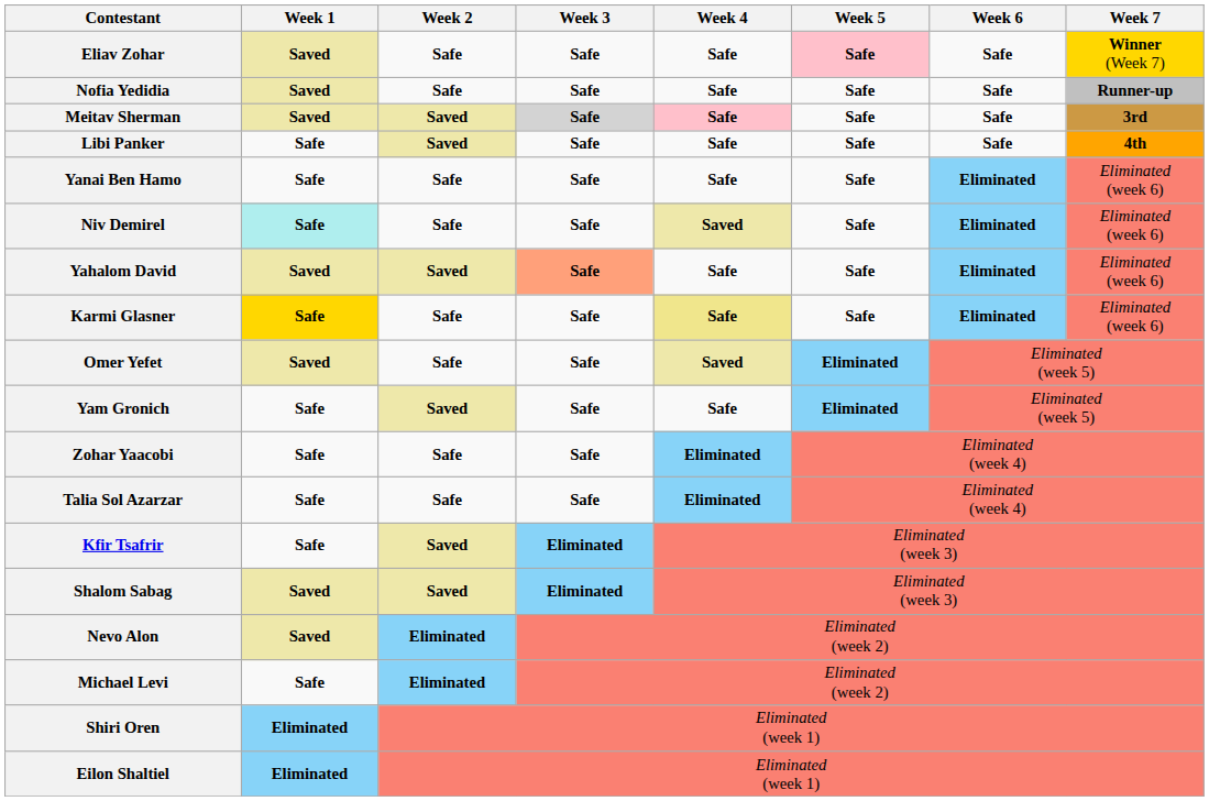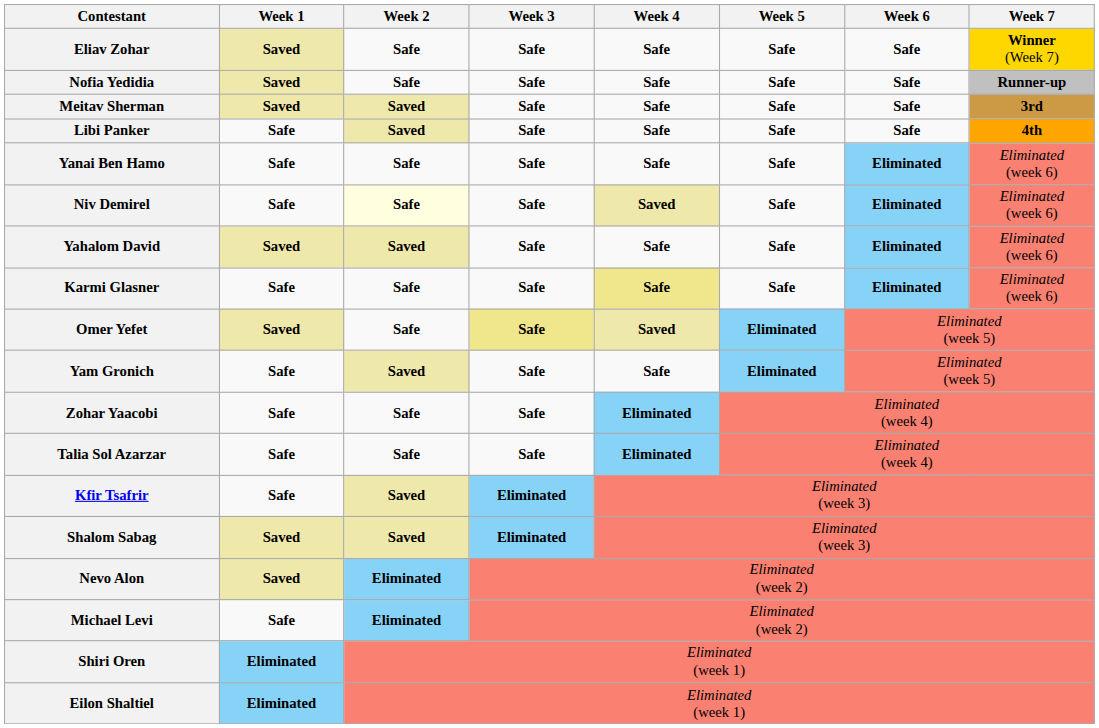 <table class="wikitable" style="text-align:center; font-size:85%">
 <tr>
 <th style="width:12%">Contestant</th>
 <th style="width:7%">Week 1</th>
 <th style="width:7%">Week 2</th>
 <th style="width:7%">Week 3</th>
 <th style="width:7%">Week 4</th>
 <th style="width:7%">Week 5</th>
 <th style="width:7%">Week 6</th>
 <th style="width:7%">Week 7</th>
 </tr>
 <tr>
 <th>Eliav Zohar</th>
 <td style = "background:#EEE8AA"><strong>Saved</strong></td>
 <td><strong>Safe</strong></td>
 <td><strong>Safe</strong></td>
 <td><strong>Safe</strong></td>
-<td style="background: pink;"><strong>Safe</strong></td>
+<td><strong>Safe</strong></td>
 <td><strong>Safe</strong></td>
 <td style="background:gold"><strong>Winner</strong><br>(Week 7)</td>
 </tr>
 <tr>
 <th>Nofia Yedidia</th>
 <td style = "background:#EEE8AA"><strong>Saved</strong></td>
 <td><strong>Safe</strong></td>
 <td><strong>Safe</strong></td>
 <td><strong>Safe</strong></td>
 <td><strong>Safe</strong></td>
 <td><strong>Safe</strong></td>
 <td style="background:silver"><strong>Runner-up</strong></td>
 </tr>
 <tr>
 <th>Meitav Sherman</th>
 <td style = "background:#EEE8AA"><strong>Saved</strong></td>
 <td style = "background:#EEE8AA"><strong>Saved</strong></td>
-<td style="background: lightgrey;"><strong>Safe</strong></td>
-<td style="background: pink;"><strong>Safe</strong></td>
+<td><strong>Safe</strong></td>
+<td><strong>Safe</strong></td>
 <td><strong>Safe</strong></td>
 <td><strong>Safe</strong></td>
 <td style="background:#c94"><strong>3rd</strong></td>
 </tr>
 <tr>
 <th>Libi Panker</th>
 <td><strong>Safe</strong></td>
 <td style = "background:#EEE8AA"><strong>Saved</strong></td>
 <td><strong>Safe</strong></td>
 <td><strong>Safe</strong></td>
 <td><strong>Safe</strong></td>
 <td><strong>Safe</strong></td>
 <td style="background:orange"><strong>4th</strong></td>
 </tr>
 <tr>
 <th>Yanai Ben Hamo</th>
 <td><strong>Safe</strong></td>
 <td><strong>Safe</strong></td>
 <td><strong>Safe</strong></td>
 <td><strong>Safe</strong></td>
 <td><strong>Safe</strong></td>
 <td style = "background:#87D3F8"><strong>Eliminated</strong></td>
 <td style = "background:#FA8072" colspan=2><em>Eliminated</em><br>(week 6)</td>
 </tr>
 <tr>
 <th>Niv Demirel</th>
-<td style="background: paleturquoise;"><strong>Safe</strong></td>
 <td><strong>Safe</strong></td>
+<td style="background: lightyellow;"><strong>Safe</strong></td>
 <td><strong>Safe</strong></td>
 <td style = "background:#EEE8AA"><strong>Saved</strong></td>
 <td><strong>Safe</strong></td>
 <td style = "background:#87D3F8"><strong>Eliminated</strong></td>
 <td style = "background:#FA8072" colspan=2><em>Eliminated</em><br>(week 6)</td>
 </tr>
 <tr>
 <th>Yahalom David</th>
 <td style = "background:#EEE8AA"><strong>Saved</strong></td>
 <td style = "background:#EEE8AA"><strong>Saved</strong></td>
-<td style="background: lightsalmon;"><strong>Safe</strong></td>
+<td><strong>Safe</strong></td>
 <td><strong>Safe</strong></td>
 <td><strong>Safe</strong></td>
 <td style = "background:#87D3F8"><strong>Eliminated</strong></td>
 <td style = "background:#FA8072" colspan=2><em>Eliminated</em><br>(week 6)</td>
 </tr>
 <tr>
 <th>Karmi Glasner</th>
-<td style="background: gold;"><strong>Safe</strong></td>
+<td><strong>Safe</strong></td>
 <td><strong>Safe</strong></td>
 <td><strong>Safe</strong></td>
 <td style="background: khaki;"><strong>Safe</strong></td>
 <td><strong>Safe</strong></td>
 <td style = "background:#87D3F8"><strong>Eliminated</strong></td>
 <td style = "background:#FA8072" colspan=2><em>Eliminated</em><br>(week 6)</td>
 </tr>
 <tr>
 <th>Omer Yefet</th>
 <td style = "background:#EEE8AA"><strong>Saved</strong></td>
 <td><strong>Safe</strong></td>
-<td><strong>Safe</strong></td>
+<td style="background: khaki;"><strong>Safe</strong></td>
 <td style = "background:#EEE8AA"><strong>Saved</strong></td>
 <td style = "background:#87D3F8"><strong>Eliminated</strong></td>
 <td style = "background:#FA8072" colspan=3><em>Eliminated</em><br>(week 5)</td>
 </tr>
 <tr>
 <th>Yam Gronich</th>
 <td><strong>Safe</strong></td>
 <td style = "background:#EEE8AA"><strong>Saved</strong></td>
 <td><strong>Safe</strong></td>
 <td><strong>Safe</strong></td>
 <td style = "background:#87D3F8"><strong>Eliminated</strong></td>
 <td style = "background:#FA8072" colspan=3><em>Eliminated</em><br>(week 5)</td>
 </tr>
 <tr>
 <th>Zohar Yaacobi</th>
 <td><strong>Safe</strong></td>
 <td><strong>Safe</strong></td>
 <td><strong>Safe</strong></td>
 <td style = "background:#87D3F8"><strong>Eliminated</strong></td>
 <td style = "background:#FA8072" colspan=4><em>Eliminated</em><br>(week 4)</td>
 </tr>
 <tr>
 <th>Talia Sol Azarzar</th>
 <td><strong>Safe</strong></td>
 <td><strong>Safe</strong></td>
 <td><strong>Safe</strong></td>
 <td style = "background:#87D3F8"><strong>Eliminated</strong></td>
 <td style = "background:#FA8072" colspan=4><em>Eliminated</em><br>(week 4)</td>
 </tr>
 <tr>
 <th><a href='#'>Kfir Tsafrir</a></th>
 <td><strong>Safe</strong></td>
 <td style = "background:#EEE8AA"><strong>Saved</strong></td>
 <td style = "background:#87D3F8"><strong>Eliminated</strong></td>
 <td style = "background:#FA8072" colspan=5><em>Eliminated</em><br>(week 3)</td>
 </tr>
 <tr>
 <th>Shalom Sabag</th>
 <td style = "background:#EEE8AA"><strong>Saved</strong></td>
 <td style = "background:#EEE8AA"><strong>Saved</strong></td>
 <td style = "background:#87D3F8"><strong>Eliminated</strong></td>
 <td style = "background:#FA8072" colspan=5><em>Eliminated</em><br>(week 3)</td>
 </tr>
 <tr>
 <th>Nevo Alon</th>
 <td style = "background:#EEE8AA"><strong>Saved</strong></td>
 <td style = "background:#87D3F8"><strong>Eliminated</strong></td>
 <td style = "background:#FA8072" colspan=6><em>Eliminated</em><br>(week 2)</td>
 </tr>
 <tr>
 <th>Michael Levi</th>
 <td><strong>Safe</strong></td>
 <td style = "background:#87D3F8"><strong>Eliminated</strong></td>
 <td style = "background:#FA8072" colspan=6><em>Eliminated</em><br>(week 2)</td>
 </tr>
 <tr>
 <th>Shiri Oren</th>
 <td style = "background:#87D3F8"><strong>Eliminated</strong></td>
 <td style = "background:#FA8072" colspan=7><em>Eliminated</em><br>(week 1)</td>
 </tr>
 <tr>
 <th>Eilon Shaltiel</th>
 <td style = "background:#87D3F8"><strong>Eliminated</strong></td>
 <td style = "background:#FA8072" colspan=7><em>Eliminated</em><br>(week 1)</td>
 </tr>
 </table>
